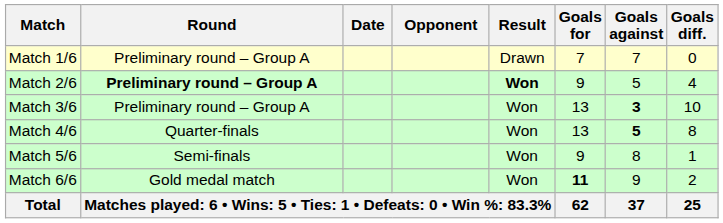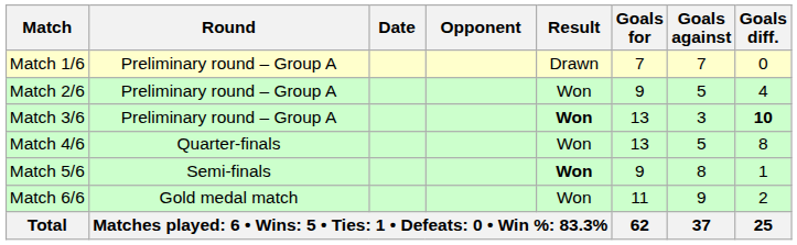 <table class="wikitable sortable" style="text-align: center; font-size: 85%; margin-left: 1em;">
 <tr>
 <th>Match</th>
 <th>Round</th>
 <th>Date</th>
 <th>Opponent</th>
 <th>Result</th>
 <th>Goals<br>for</th>
 <th>Goals<br>against</th>
 <th>Goals<br>diff.</th>
 </tr>
 <tr style="background-color: #ffffcc;">
 <td>Match 1/6</td>
 <td>Preliminary round – Group A</td>
 <td style="text-align: right;"></td>
 <td style="text-align: left;"></td>
 <td>Drawn</td>
 <td>7</td>
 <td>7</td>
 <td>0</td>
 </tr>
 <tr style="background-color: #ccffcc;">
 <td>Match 2/6</td>
-<td><strong>Preliminary round – Group A</strong></td>
+<td>Preliminary round – Group A</td>
 <td style="text-align: right;"></td>
 <td style="text-align: left;"></td>
-<td><strong>Won</strong></td>
+<td>Won</td>
 <td>9</td>
 <td>5</td>
 <td>4</td>
 </tr>
 <tr style="background-color: #ccffcc;">
 <td>Match 3/6</td>
 <td>Preliminary round – Group A</td>
 <td style="text-align: right;"></td>
 <td style="text-align: left;"></td>
-<td>Won</td>
+<td><strong>Won</strong></td>
 <td>13</td>
-<td><strong>3</strong></td>
-<td>10</td>
+<td>3</td>
+<td><strong>10</strong></td>
 </tr>
 <tr style="background-color: #ccffcc;">
 <td>Match 4/6</td>
 <td>Quarter-finals</td>
 <td style="text-align: right;"></td>
 <td style="text-align: left;"></td>
 <td>Won</td>
 <td>13</td>
-<td><strong>5</strong></td>
+<td>5</td>
 <td>8</td>
 </tr>
 <tr style="background-color: #ccffcc;">
 <td>Match 5/6</td>
 <td>Semi-finals</td>
 <td style="text-align: right;"></td>
 <td style="text-align: left;"></td>
-<td>Won</td>
+<td><strong>Won</strong></td>
 <td>9</td>
 <td>8</td>
 <td>1</td>
 </tr>
 <tr style="background-color: #ccffcc;">
 <td>Match 6/6</td>
 <td>Gold medal match</td>
 <td style="text-align: right;"></td>
 <td style="text-align: left;"></td>
 <td>Won</td>
-<td><strong>11</strong></td>
+<td>11</td>
 <td>9</td>
 <td>2</td>
 </tr>
 <tr>
 <th>Total</th>
 <th colspan="4">Matches played: 6 • Wins: 5 • Ties: 1 • Defeats: 0 • Win %: 83.3%</th>
 <th>62</th>
 <th>37</th>
 <th>25</th>
 </tr>
 </table>
